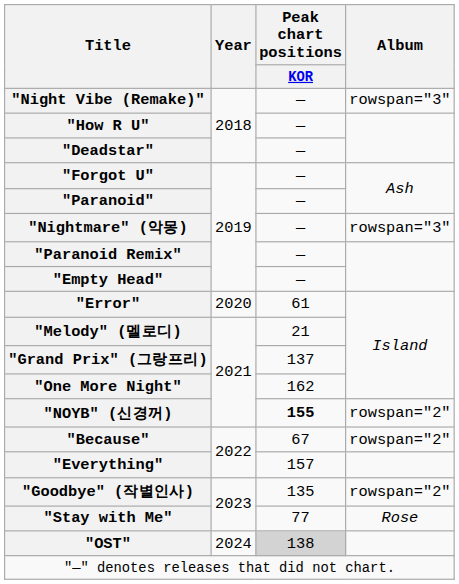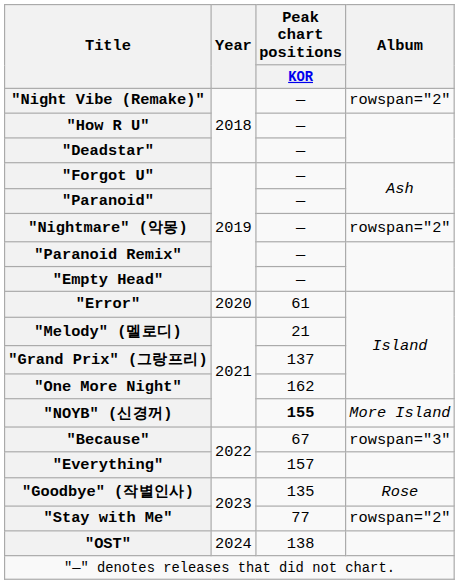 <table class="wikitable plainrowheaders" style="text-align:center;">
 <tr>
 <th scope="col" rowspan="2">Title</th>
 <th scope="col" rowspan="2">Year</th>
 <th scope="col" colspan="1">Peak chart <br> positions</th>
 <th scope="col" rowspan="2">Album</th>
 </tr>
 <tr>
 <th scope="col" style="width:3em;font-size:90%;"><a href='#'>KOR</a><br></th>
 </tr>
 <tr>
 <th scope="row">"Night Vibe (Remake)"</th>
 <td rowspan="3">2018</td>
 <td>—</td>
-<td>rowspan="3" </td>
+<td>rowspan="2" </td>
 </tr>
 <tr>
 <th scope="row">"How R U"</th>
 <td>—</td>
 </tr>
 <tr>
 <th scope="row">"Deadstar"<br></th>
 <td>—</td>
 </tr>
 <tr>
 <th scope="row">"Forgot U"<br></th>
 <td rowspan="5">2019</td>
 <td>—</td>
 <td rowspan="2"><em>Ash</em></td>
 </tr>
 <tr>
 <th scope="row">"Paranoid"</th>
 <td>—</td>
 </tr>
 <tr>
 <th scope="row">"Nightmare" (악몽)</th>
 <td>—</td>
-<td>rowspan="3" </td>
+<td>rowspan="2" </td>
 </tr>
 <tr>
 <th scope="row">"Paranoid Remix"<br></th>
 <td>—</td>
 </tr>
 <tr>
 <th scope="row">"Empty Head"</th>
 <td>—</td>
 </tr>
 <tr>
 <th scope="row">"Error"<br></th>
 <td>2020</td>
 <td>61</td>
 <td rowspan="4"><em>Island</em></td>
 </tr>
 <tr>
 <th scope="row">"Melody" (멜로디)</th>
 <td rowspan="4">2021</td>
 <td>21</td>
 </tr>
 <tr>
 <th scope="row">"Grand Prix" (그랑프리)<br></th>
 <td>137</td>
 </tr>
 <tr>
 <th scope="row">"One More Night"<br></th>
 <td>162</td>
 </tr>
 <tr>
 <th scope="row">"NOYB" (신경꺼)</th>
 <td><strong>155</strong></td>
-<td>rowspan="2" </td>
+<td><em>More Island</em></td>
 </tr>
 <tr>
 <th scope="row">"Because"</th>
 <td rowspan="2">2022</td>
 <td>67</td>
-<td>rowspan="2" </td>
+<td>rowspan="3" </td>
 </tr>
 <tr>
 <th scope="row">"Everything"</th>
 <td>157</td>
 </tr>
 <tr>
 <th scope="row">"Goodbye" (작별인사)<br></th>
 <td rowspan="2">2023</td>
 <td>135</td>
-<td>rowspan="2" </td>
+<td><em>Rose</em></td>
 </tr>
 <tr>
 <th scope="row">"Stay with Me"<br></th>
 <td>77</td>
-<td><em>Rose</em></td>
+<td>rowspan="2" </td>
 </tr>
 <tr>
 <th scope="row">"OST"<br></th>
 <td>2024</td>
-<td style="background: lightgrey;">138</td>
+<td>138</td>
 </tr>
 <tr>
 <td colspan="4" style="font-size:90%">"—" denotes releases that did not chart.</td>
 </tr>
 </table>
